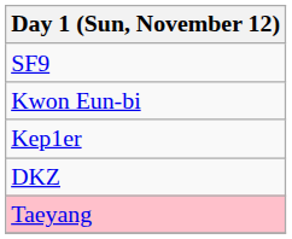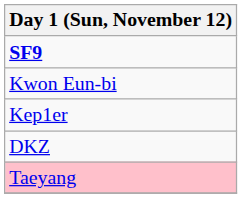 <table class="wikitable">
 <tr>
 <th>Day 1 (Sun, November 12)</th>
 </tr>
 <tr>
-<td><a href='#'>SF9</a></td>
+<td><strong><a href='#'>SF9</a></strong></td>
 </tr>
 <tr>
 <td><a href='#'>Kwon Eun-bi</a></td>
 </tr>
 <tr>
 <td><a href='#'>Kep1er</a></td>
 </tr>
 <tr>
 <td><a href='#'>DKZ</a></td>
 </tr>
 <tr>
 <td style="background: pink;"><a href='#'>Taeyang</a></td>
 </tr>
 <tr>
 </tr>
 </table>
